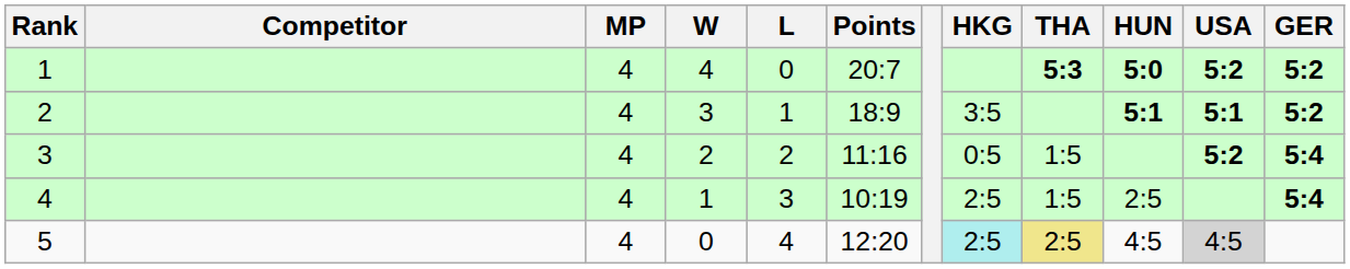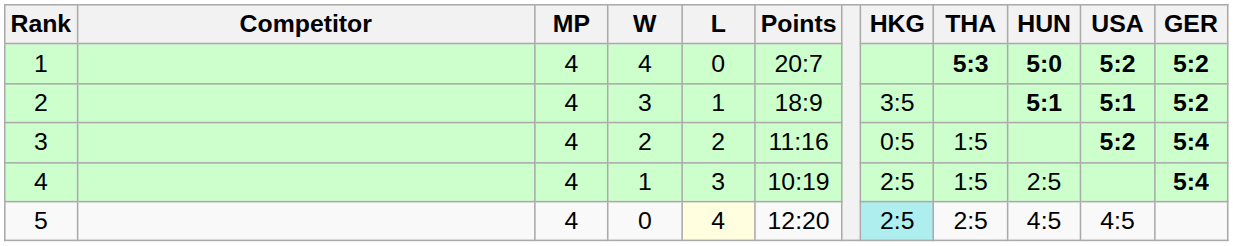 <table class="wikitable" style="text-align:center">
 <tr>
 <th>Rank</th>
 <th style="width:18em">Competitor</th>
 <th style="width:2.5em">MP</th>
 <th style="width:2.5em">W</th>
 <th style="width:2.5em">L</th>
 <th>Points</th>
 <th rowspan="6"> </th>
 <th style="width:2.5em">HKG</th>
 <th style="width:2.5em">THA</th>
 <th style="width:2.5em">HUN</th>
 <th style="width:2.5em">USA</th>
 <th style="width:2.5em">GER</th>
 </tr>
 <tr style="background:#cfc;">
 <td>1</td>
 <td style="text-align:left"></td>
 <td>4</td>
 <td>4</td>
 <td>0</td>
 <td>20:7</td>
 <td></td>
 <td><strong>5:3</strong></td>
 <td><strong>5:0</strong></td>
 <td><strong>5:2</strong></td>
 <td><strong>5:2</strong></td>
 </tr>
 <tr style="background:#cfc;">
 <td>2</td>
 <td style="text-align:left"></td>
 <td>4</td>
 <td>3</td>
 <td>1</td>
 <td>18:9</td>
 <td>3:5</td>
 <td></td>
 <td><strong>5:1</strong></td>
 <td><strong>5:1</strong></td>
 <td><strong>5:2</strong></td>
 </tr>
 <tr style="background:#cfc;">
 <td>3</td>
 <td style="text-align:left"></td>
 <td>4</td>
 <td>2</td>
 <td>2</td>
 <td>11:16</td>
 <td>0:5</td>
 <td>1:5</td>
 <td></td>
 <td><strong>5:2</strong></td>
 <td><strong>5:4</strong></td>
 </tr>
 <tr style="background:#cfc;">
 <td>4</td>
 <td style="text-align:left"></td>
 <td>4</td>
 <td>1</td>
 <td>3</td>
 <td>10:19</td>
 <td>2:5</td>
 <td>1:5</td>
 <td>2:5</td>
 <td></td>
 <td><strong>5:4</strong></td>
 </tr>
 <tr>
 <td>5</td>
 <td style="text-align:left"></td>
 <td>4</td>
 <td>0</td>
-<td>4</td>
+<td style="background: lightyellow;">4</td>
 <td>12:20</td>
 <td style="background: paleturquoise;">2:5</td>
-<td style="background: khaki;">2:5</td>
+<td>2:5</td>
 <td>4:5</td>
-<td style="background: lightgrey;">4:5</td>
+<td>4:5</td>
 <td></td>
 </tr>
 </table>
